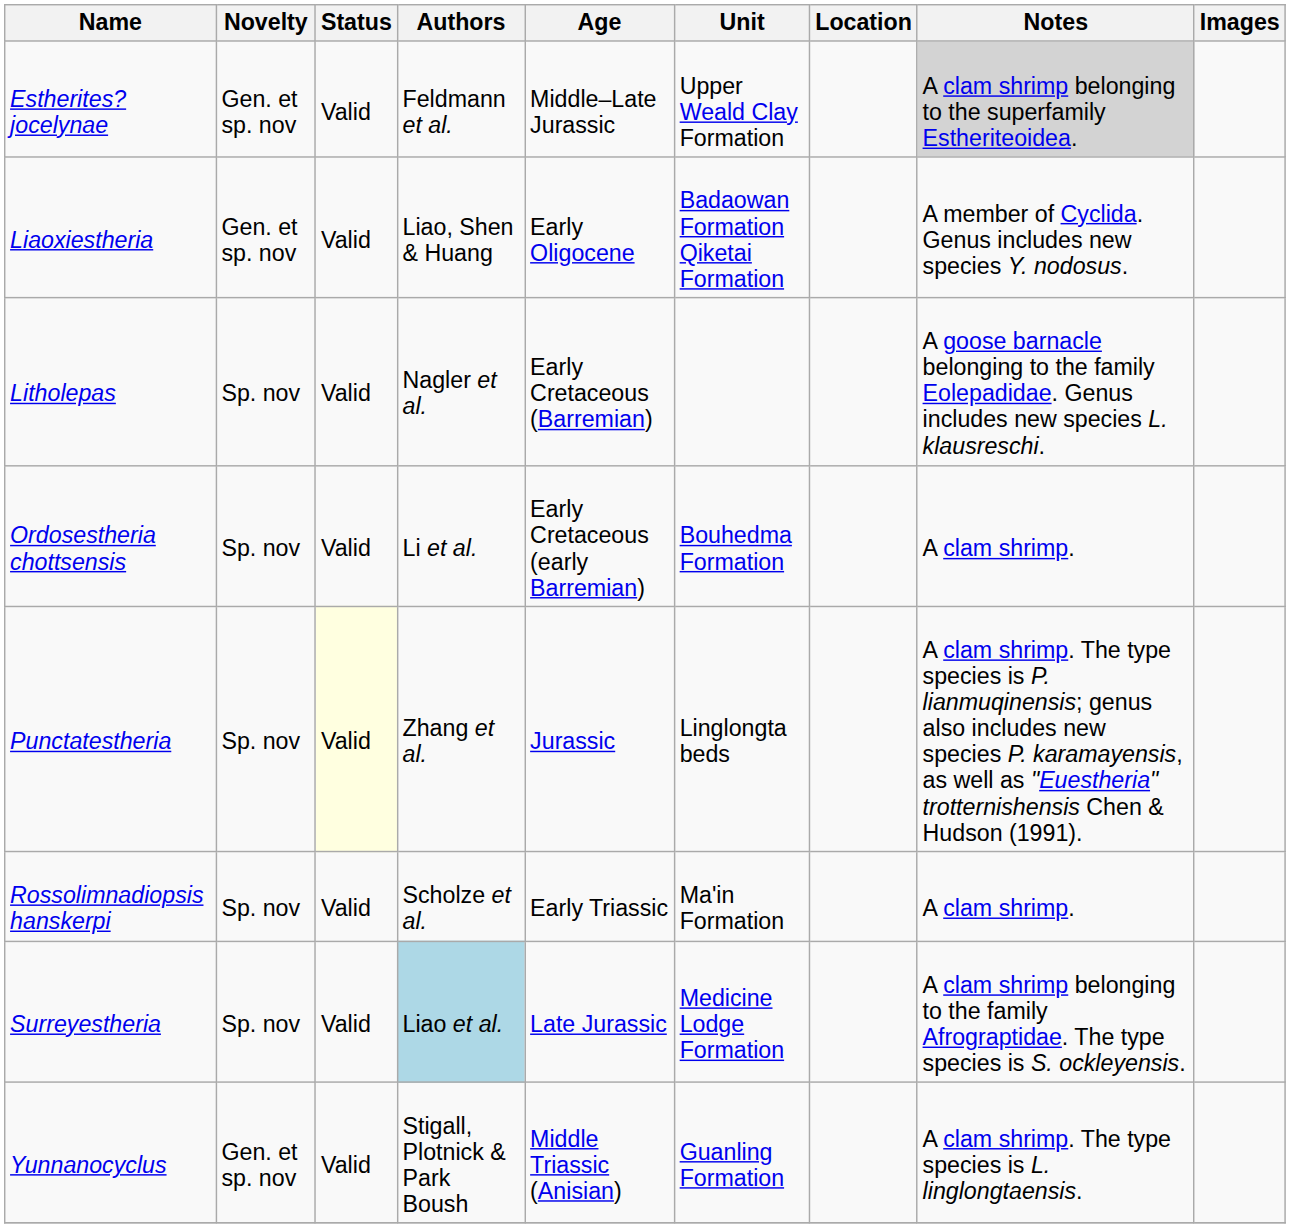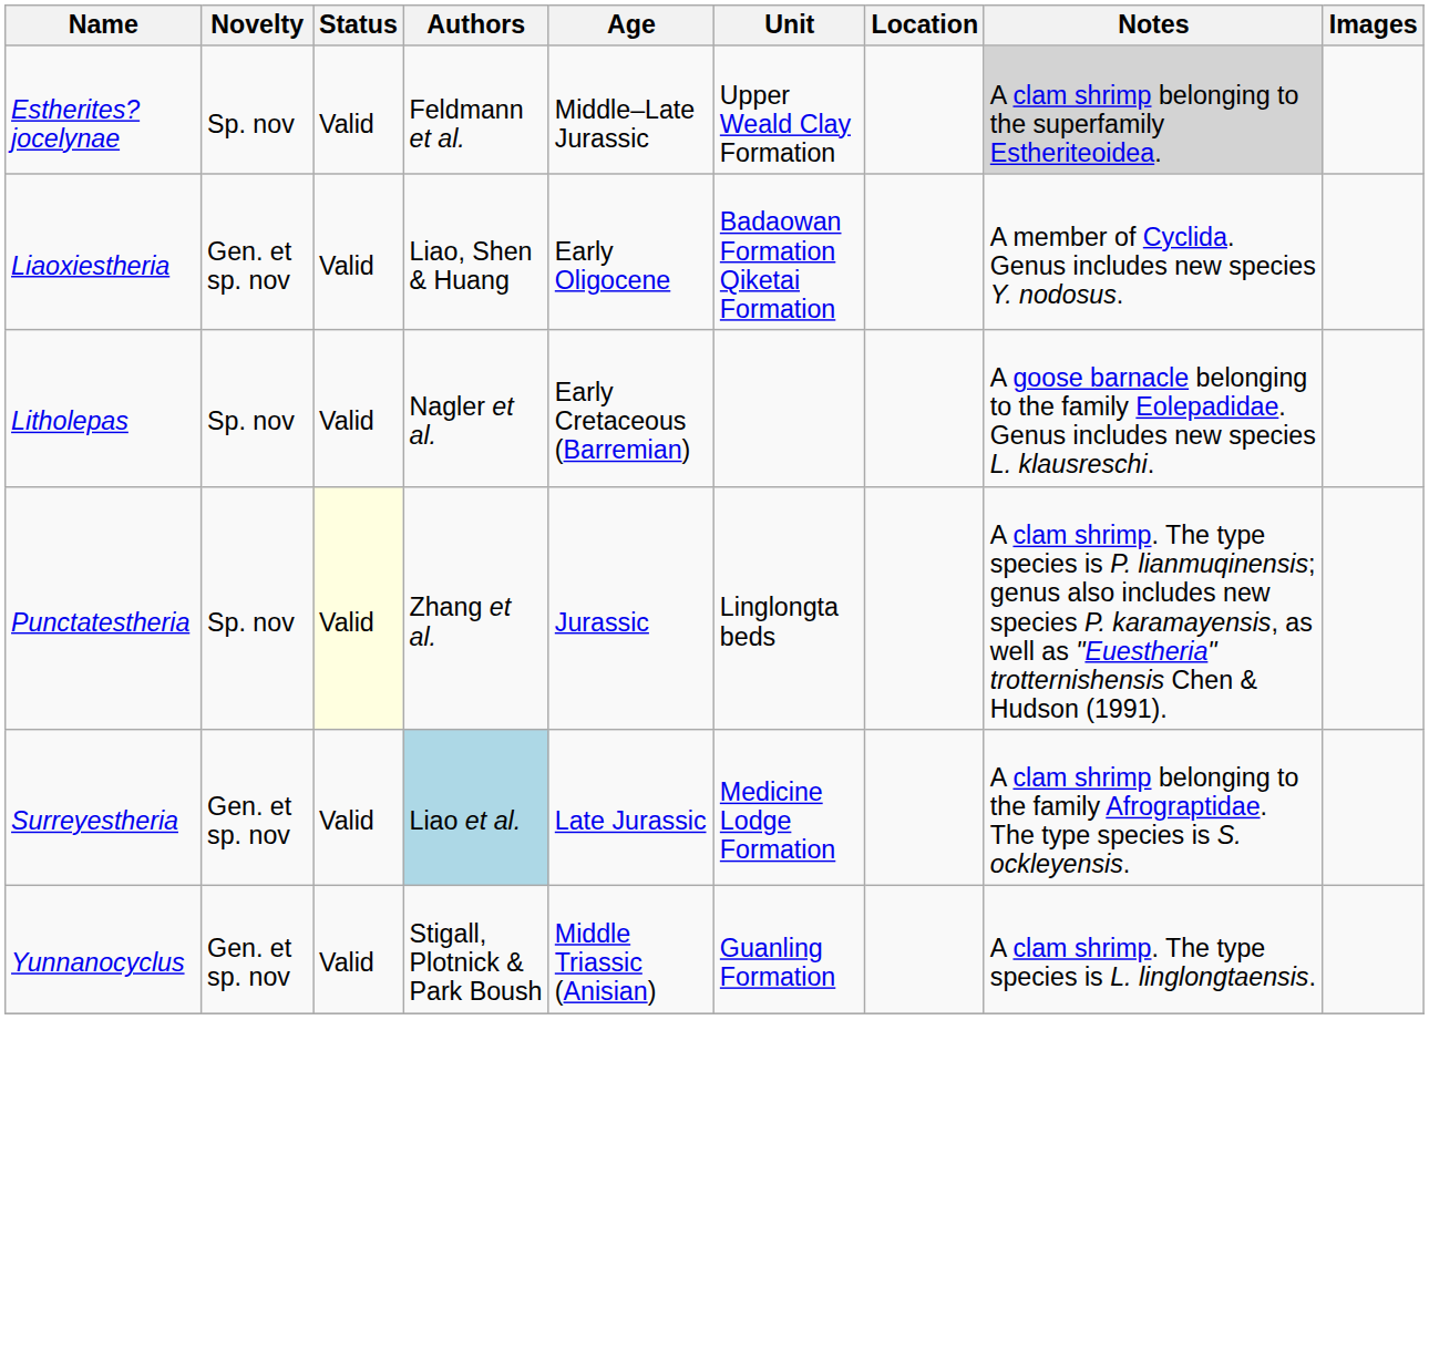 <table class="wikitable sortable" align="center" width="100%">
 <tr>
 <th>Name</th>
 <th>Novelty</th>
 <th>Status</th>
 <th>Authors</th>
 <th>Age</th>
 <th>Unit</th>
 <th>Location</th>
 <th>Notes</th>
 <th>Images</th>
 </tr>
 <tr>
 <td><br><em><a href='#'>Estherites? jocelynae</a></em></td>
-<td><br>Gen. et sp. nov</td>
+<td><br>Sp. nov</td>
 <td><br>Valid</td>
 <td><br>Feldmann <em>et al.</em></td>
 <td><br>Middle–Late Jurassic</td>
 <td><br>Upper <a href='#'>Weald Clay</a> Formation</td>
 <td><br></td>
 <td style="background: lightgrey;"><br>A <a href='#'>clam shrimp</a> belonging to the superfamily <a href='#'>Estheriteoidea</a>.</td>
 <td></td>
 </tr>
 <tr>
 <td><br><em><a href='#'>Liaoxiestheria</a></em></td>
 <td><br>Gen. et sp. nov</td>
 <td><br>Valid</td>
 <td><br>Liao, Shen & Huang</td>
 <td><br>Early <a href='#'>Oligocene</a></td>
 <td><br><a href='#'>Badaowan Formation</a><br> <a href='#'>Qiketai Formation</a></td>
 <td><br></td>
 <td><br>A member of <a href='#'>Cyclida</a>. Genus includes new species <em>Y. nodosus</em>.</td>
 <td></td>
 </tr>
 <tr>
 <td><br><em><a href='#'>Litholepas</a></em></td>
 <td><br>Sp. nov</td>
 <td><br>Valid</td>
 <td><br>Nagler <em>et al.</em></td>
 <td><br>Early Cretaceous (<a href='#'>Barremian</a>)</td>
 <td></td>
 <td><br></td>
 <td><br>A <a href='#'>goose barnacle</a> belonging to the family <a href='#'>Eolepadidae</a>. Genus includes new species <em>L. klausreschi</em>.</td>
 <td></td>
 </tr>
 <tr>
-<td><br><em><a href='#'>Ordosestheria chottsensis</a></em></td>
-<td><br>Sp. nov</td>
-<td><br>Valid</td>
-<td><br>Li <em>et al.</em></td>
-<td><br>Early Cretaceous (early <a href='#'>Barremian</a>)</td>
-<td><br><a href='#'>Bouhedma Formation</a></td>
-<td><br></td>
-<td><br>A <a href='#'>clam shrimp</a>.</td>
-<td></td>
-</tr>
-<tr>
 <td><br><em><a href='#'>Punctatestheria</a></em></td>
 <td><br>Sp. nov</td>
 <td style="background: lightyellow;"><br>Valid</td>
 <td><br>Zhang <em>et al.</em></td>
 <td><br><a href='#'>Jurassic</a></td>
 <td><br>Linglongta beds</td>
 <td><br><br> </td>
 <td><br>A <a href='#'>clam shrimp</a>. The type species is <em>P. lianmuqinensis</em>; genus also includes new species <em>P. karamayensis</em>, as well as <em>"<a href='#'>Euestheria</a>" trotternishensis</em> Chen & Hudson (1991).</td>
 <td></td>
 </tr>
 <tr>
-<td><br><em><a href='#'>Rossolimnadiopsis hanskerpi</a></em></td>
-<td><br>Sp. nov</td>
-<td><br>Valid</td>
-<td><br>Scholze <em>et al.</em></td>
-<td><br>Early Triassic</td>
-<td><br>Ma'in Formation</td>
-<td><br></td>
-<td><br>A <a href='#'>clam shrimp</a>.</td>
-<td></td>
-</tr>
-<tr>
 <td><br><em><a href='#'>Surreyestheria</a></em></td>
-<td><br>Sp. nov</td>
+<td><br>Gen. et sp. nov</td>
 <td><br>Valid</td>
 <td style="background: lightblue;"><br>Liao <em>et al.</em></td>
 <td><br><a href='#'>Late Jurassic</a></td>
 <td><br><a href='#'>Medicine Lodge Formation</a></td>
 <td><br></td>
 <td><br>A <a href='#'>clam shrimp</a> belonging to the family <a href='#'>Afrograptidae</a>. The type species is <em>S. ockleyensis</em>.</td>
 <td></td>
 </tr>
 <tr>
 <td><br><em><a href='#'>Yunnanocyclus</a></em></td>
 <td><br>Gen. et sp. nov</td>
 <td><br>Valid</td>
 <td><br>Stigall, Plotnick & Park Boush</td>
 <td><br><a href='#'>Middle Triassic</a> (<a href='#'>Anisian</a>)</td>
 <td><br><a href='#'>Guanling Formation</a></td>
 <td><br></td>
 <td><br>A <a href='#'>clam shrimp</a>. The type species is <em>L. linglongtaensis</em>.</td>
 <td></td>
 </tr>
 <tr>
 </tr>
 </table>
